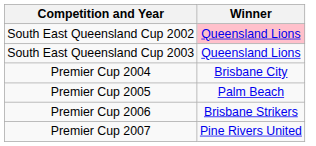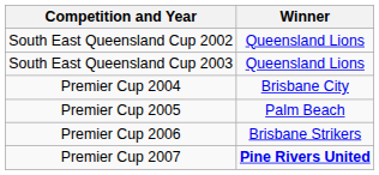 <table class="wikitable" style="text-align:center">
 <tr>
 <th>Competition and Year</th>
 <th>Winner</th>
 </tr>
 <tr>
 <td>South East Queensland Cup 2002</td>
-<td style="background: pink;"><a href='#'>Queensland Lions</a></td>
+<td><a href='#'>Queensland Lions</a></td>
 </tr>
 <tr>
 <td>South East Queensland Cup 2003</td>
 <td><a href='#'>Queensland Lions</a></td>
 </tr>
 <tr>
 <td>Premier Cup 2004</td>
 <td><a href='#'>Brisbane City</a></td>
 </tr>
 <tr>
 <td>Premier Cup 2005</td>
 <td><a href='#'>Palm Beach</a></td>
 </tr>
 <tr>
 <td>Premier Cup 2006</td>
 <td><a href='#'>Brisbane Strikers</a></td>
 </tr>
 <tr>
 <td>Premier Cup 2007</td>
-<td><a href='#'>Pine Rivers United</a></td>
+<td><strong><a href='#'>Pine Rivers United</a></strong></td>
 </tr>
 </table>
